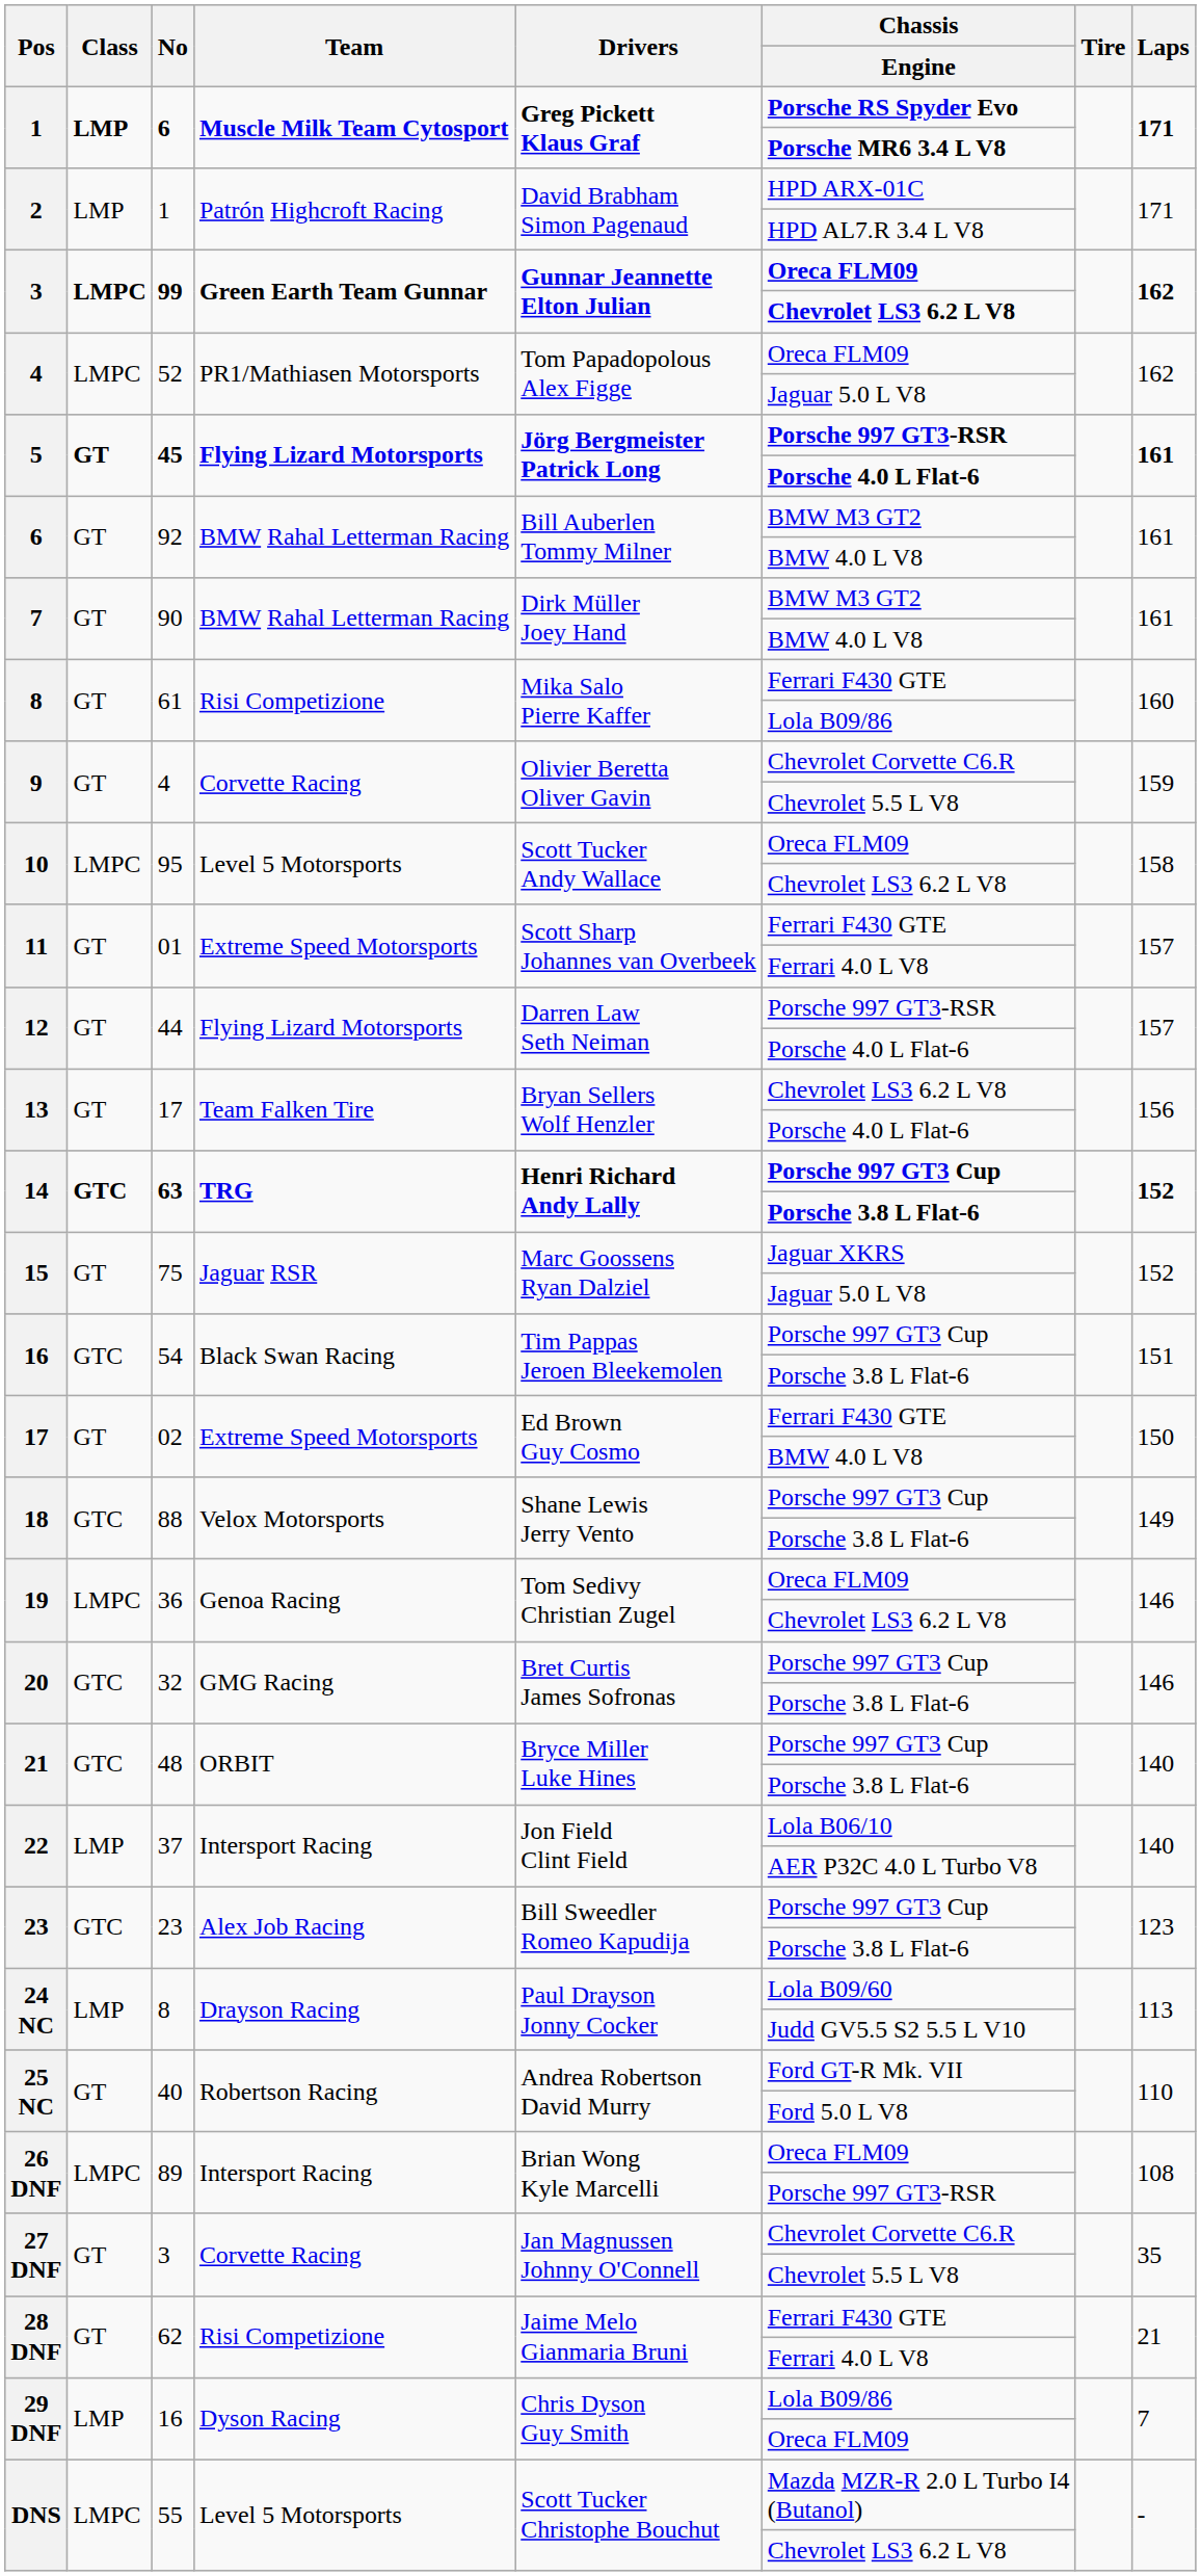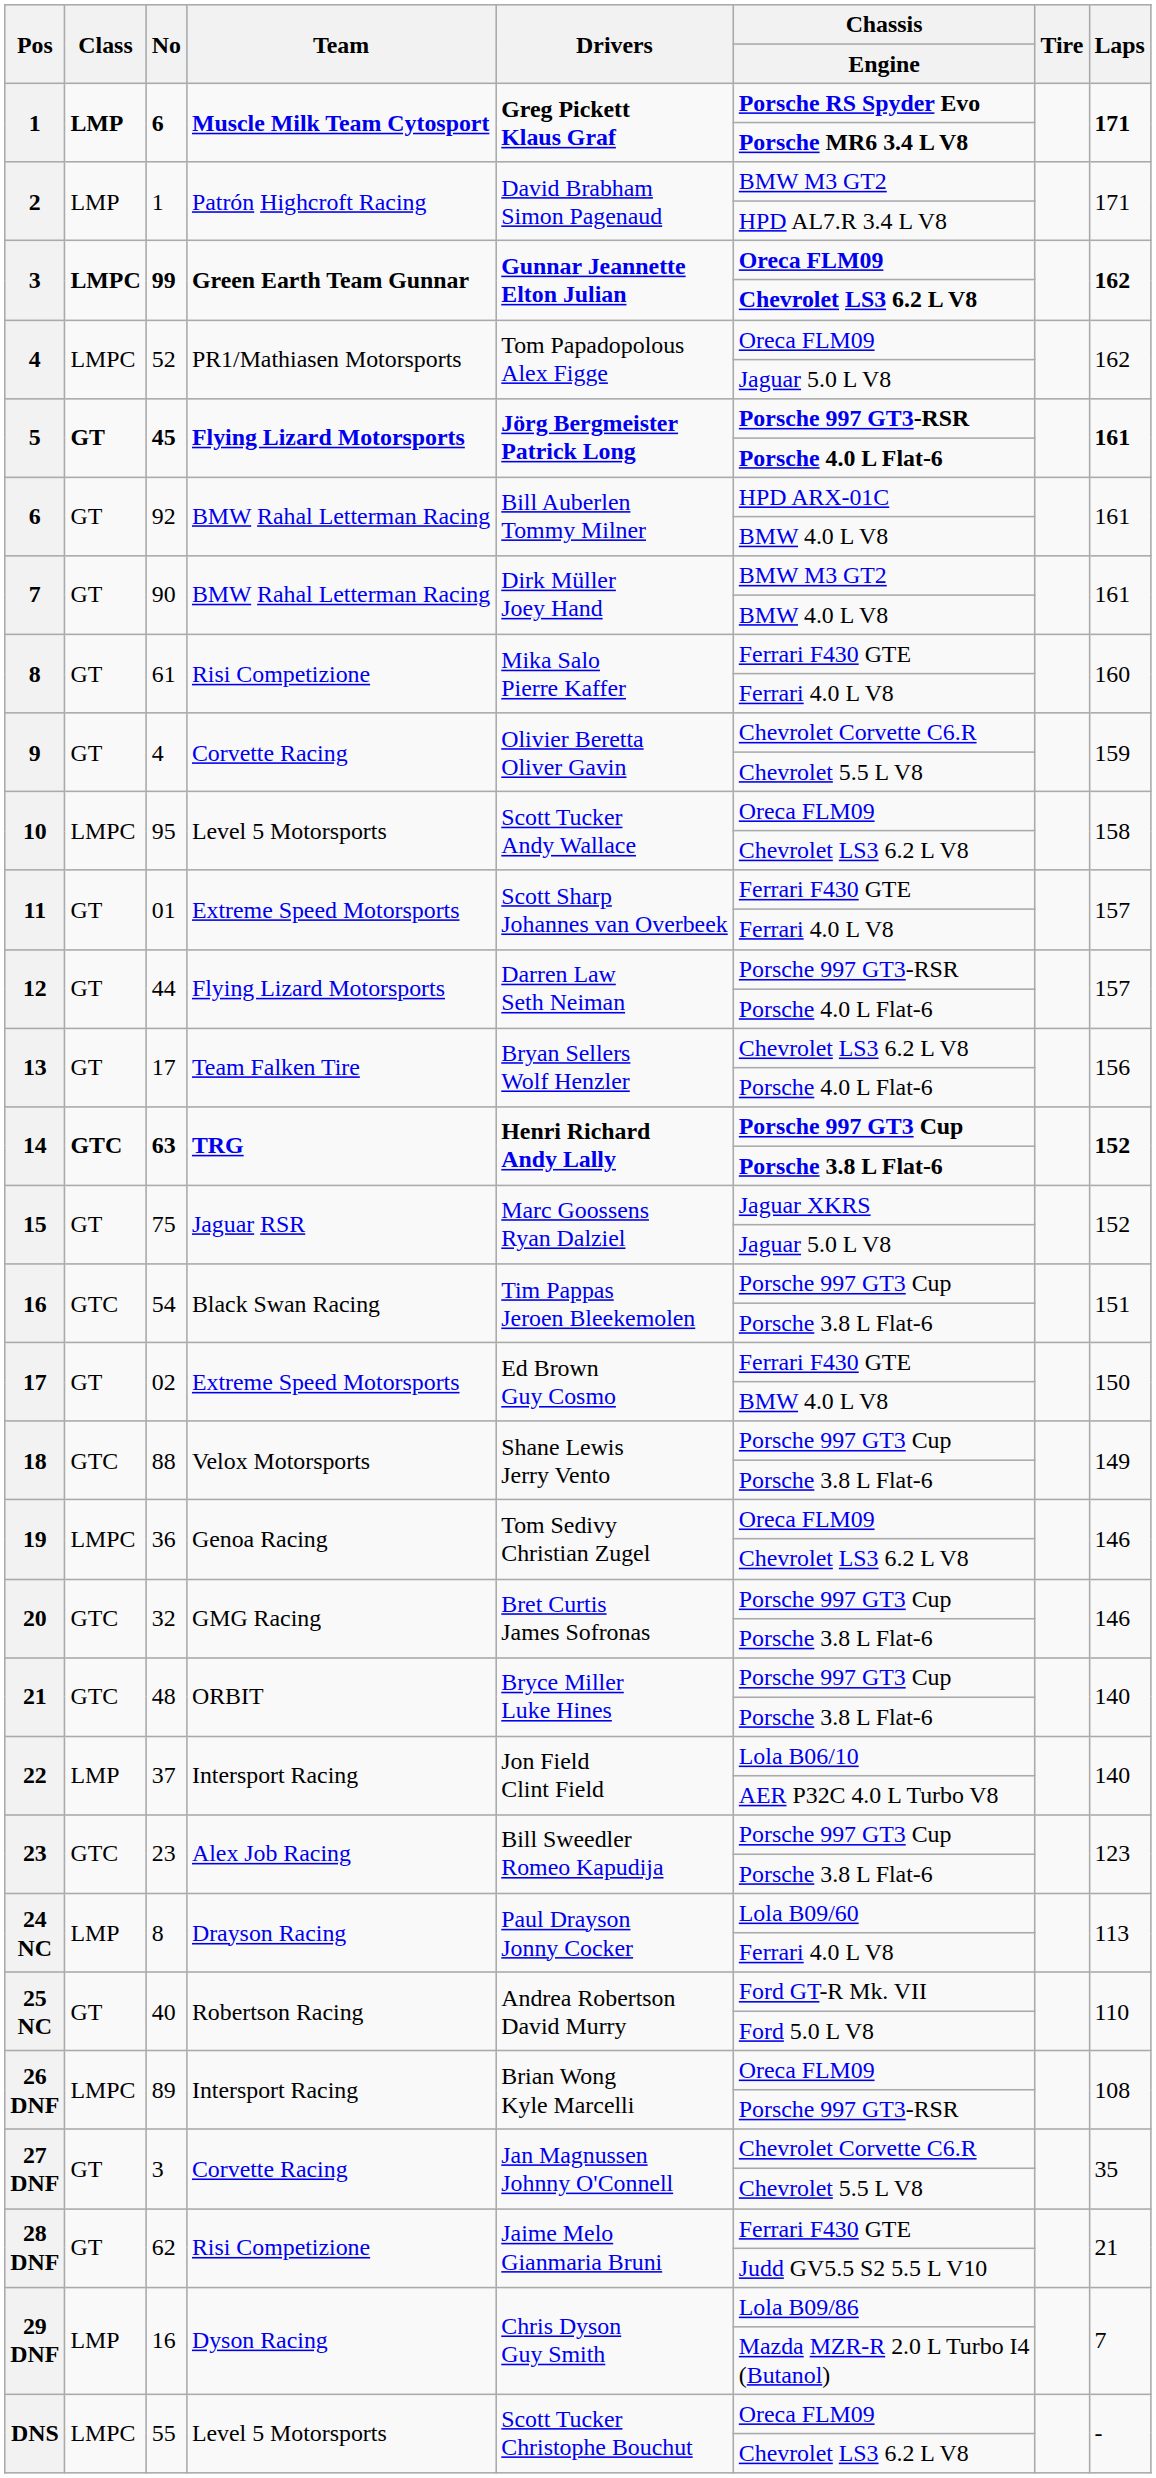 <table class="wikitable" style="font-size: 95%;">
 <tr>
 <th rowspan=2>Pos</th>
 <th rowspan=2>Class</th>
 <th rowspan=2>No</th>
 <th rowspan=2>Team</th>
 <th rowspan=2>Drivers</th>
 <th>Chassis</th>
 <th rowspan=2>Tire</th>
 <th rowspan=2>Laps</th>
 </tr>
 <tr>
 <th>Engine</th>
 </tr>
 <tr style="font-weight:bold">
 <th rowspan=2>1</th>
 <td rowspan=2>LMP</td>
 <td rowspan=2>6</td>
 <td rowspan=2> <a href='#'>Muscle Milk Team Cytosport</a></td>
 <td rowspan=2> Greg Pickett<br> <a href='#'>Klaus Graf</a></td>
 <td><a href='#'>Porsche RS Spyder</a> Evo</td>
 <td rowspan=2></td>
 <td rowspan=2>171</td>
 </tr>
 <tr style="font-weight:bold">
 <td><a href='#'>Porsche</a> MR6 3.4 L V8</td>
 </tr>
 <tr>
 <th rowspan=2>2</th>
 <td rowspan=2>LMP</td>
 <td rowspan=2>1</td>
 <td rowspan=2> <a href='#'>Patrón</a> <a href='#'>Highcroft Racing</a></td>
 <td rowspan=2> <a href='#'>David Brabham</a><br> <a href='#'>Simon Pagenaud</a></td>
-<td><a href='#'>HPD ARX-01C</a></td>
+<td><a href='#'>BMW M3 GT2</a></td>
 <td rowspan=2></td>
 <td rowspan=2>171</td>
 </tr>
 <tr>
 <td><a href='#'>HPD</a> AL7.R 3.4 L V8</td>
 </tr>
 <tr style="font-weight:bold">
 <th rowspan=2>3</th>
 <td rowspan=2>LMPC</td>
 <td rowspan=2>99</td>
 <td rowspan=2> Green Earth Team Gunnar</td>
 <td rowspan=2> <a href='#'>Gunnar Jeannette</a><br> <a href='#'>Elton Julian</a></td>
 <td><a href='#'>Oreca FLM09</a></td>
 <td rowspan=2></td>
 <td rowspan=2>162</td>
 </tr>
 <tr style="font-weight:bold">
 <td><a href='#'>Chevrolet</a> <a href='#'>LS3</a> 6.2 L V8</td>
 </tr>
 <tr>
 <th rowspan=2>4</th>
 <td rowspan=2>LMPC</td>
 <td rowspan=2>52</td>
 <td rowspan=2> PR1/Mathiasen Motorsports</td>
 <td rowspan=2> Tom Papadopolous<br> <a href='#'>Alex Figge</a></td>
 <td><a href='#'>Oreca FLM09</a></td>
 <td rowspan=2></td>
 <td rowspan=2>162</td>
 </tr>
 <tr>
 <td><a href='#'>Jaguar</a> 5.0 L V8</td>
 </tr>
 <tr style="font-weight:bold">
 <th rowspan=2>5</th>
 <td rowspan=2>GT</td>
 <td rowspan=2>45</td>
 <td rowspan=2> <a href='#'>Flying Lizard Motorsports</a></td>
 <td rowspan=2> <a href='#'>Jörg Bergmeister</a><br> <a href='#'>Patrick Long</a></td>
 <td><a href='#'>Porsche 997 GT3</a>-RSR</td>
 <td rowspan=2></td>
 <td rowspan=2>161</td>
 </tr>
 <tr style="font-weight:bold">
 <td><a href='#'>Porsche</a> 4.0 L Flat-6</td>
 </tr>
 <tr>
 <th rowspan=2>6</th>
 <td rowspan=2>GT</td>
 <td rowspan=2>92</td>
 <td rowspan=2> <a href='#'>BMW</a> <a href='#'>Rahal Letterman Racing</a></td>
 <td rowspan=2> <a href='#'>Bill Auberlen</a><br> <a href='#'>Tommy Milner</a></td>
-<td><a href='#'>BMW M3 GT2</a></td>
+<td><a href='#'>HPD ARX-01C</a></td>
 <td rowspan=2></td>
 <td rowspan=2>161</td>
 </tr>
 <tr>
 <td><a href='#'>BMW</a> 4.0 L V8</td>
 </tr>
 <tr>
 <th rowspan=2>7</th>
 <td rowspan=2>GT</td>
 <td rowspan=2>90</td>
 <td rowspan=2> <a href='#'>BMW</a> <a href='#'>Rahal Letterman Racing</a></td>
 <td rowspan=2> <a href='#'>Dirk Müller</a><br> <a href='#'>Joey Hand</a></td>
 <td><a href='#'>BMW M3 GT2</a></td>
 <td rowspan=2></td>
 <td rowspan=2>161</td>
 </tr>
 <tr>
 <td><a href='#'>BMW</a> 4.0 L V8</td>
 </tr>
 <tr>
 <th rowspan=2>8</th>
 <td rowspan=2>GT</td>
 <td rowspan=2>61</td>
 <td rowspan=2> <a href='#'>Risi Competizione</a></td>
 <td rowspan=2> <a href='#'>Mika Salo</a><br> <a href='#'>Pierre Kaffer</a></td>
 <td><a href='#'>Ferrari F430</a> GTE</td>
 <td rowspan=2></td>
 <td rowspan=2>160</td>
 </tr>
 <tr>
-<td><a href='#'>Lola B09/86</a></td>
+<td><a href='#'>Ferrari</a> 4.0 L V8</td>
 </tr>
 <tr>
 <th rowspan=2>9</th>
 <td rowspan=2>GT</td>
 <td rowspan=2>4</td>
 <td rowspan=2> <a href='#'>Corvette Racing</a></td>
 <td rowspan=2> <a href='#'>Olivier Beretta</a><br> <a href='#'>Oliver Gavin</a></td>
 <td><a href='#'>Chevrolet Corvette C6.R</a></td>
 <td rowspan=2></td>
 <td rowspan=2>159</td>
 </tr>
 <tr>
 <td><a href='#'>Chevrolet</a> 5.5 L V8</td>
 </tr>
 <tr>
 <th rowspan=2>10</th>
 <td rowspan=2>LMPC</td>
 <td rowspan=2>95</td>
 <td rowspan=2> Level 5 Motorsports</td>
 <td rowspan=2> <a href='#'>Scott Tucker</a><br> <a href='#'>Andy Wallace</a></td>
 <td><a href='#'>Oreca FLM09</a></td>
 <td rowspan=2></td>
 <td rowspan=2>158</td>
 </tr>
 <tr>
 <td><a href='#'>Chevrolet</a> <a href='#'>LS3</a> 6.2 L V8</td>
 </tr>
 <tr>
 <th rowspan=2>11</th>
 <td rowspan=2>GT</td>
 <td rowspan=2>01</td>
 <td rowspan=2> <a href='#'>Extreme Speed Motorsports</a></td>
 <td rowspan=2> <a href='#'>Scott Sharp</a><br> <a href='#'>Johannes van Overbeek</a></td>
 <td><a href='#'>Ferrari F430</a> GTE</td>
 <td rowspan=2></td>
 <td rowspan=2>157</td>
 </tr>
 <tr>
 <td><a href='#'>Ferrari</a> 4.0 L V8</td>
 </tr>
 <tr>
 <th rowspan=2>12</th>
 <td rowspan=2>GT</td>
 <td rowspan=2>44</td>
 <td rowspan=2> <a href='#'>Flying Lizard Motorsports</a></td>
 <td rowspan=2> <a href='#'>Darren Law</a><br> <a href='#'>Seth Neiman</a></td>
 <td><a href='#'>Porsche 997 GT3</a>-RSR</td>
 <td rowspan=2></td>
 <td rowspan=2>157</td>
 </tr>
 <tr>
 <td><a href='#'>Porsche</a> 4.0 L Flat-6</td>
 </tr>
 <tr>
 <th rowspan=2>13</th>
 <td rowspan=2>GT</td>
 <td rowspan=2>17</td>
 <td rowspan=2> <a href='#'>Team Falken Tire</a></td>
 <td rowspan=2> <a href='#'>Bryan Sellers</a><br> <a href='#'>Wolf Henzler</a></td>
 <td><a href='#'>Chevrolet</a> <a href='#'>LS3</a> 6.2 L V8</td>
 <td rowspan=2></td>
 <td rowspan=2>156</td>
 </tr>
 <tr>
 <td><a href='#'>Porsche</a> 4.0 L Flat-6</td>
 </tr>
 <tr style="font-weight:bold">
 <th rowspan=2>14</th>
 <td rowspan=2>GTC</td>
 <td rowspan=2>63</td>
 <td rowspan=2> <a href='#'>TRG</a></td>
 <td rowspan=2> Henri Richard<br> <a href='#'>Andy Lally</a></td>
 <td><a href='#'>Porsche 997 GT3</a> Cup</td>
 <td rowspan=2></td>
 <td rowspan=2>152</td>
 </tr>
 <tr style="font-weight:bold">
 <td><a href='#'>Porsche</a> 3.8 L Flat-6</td>
 </tr>
 <tr>
 <th rowspan=2>15</th>
 <td rowspan=2>GT</td>
 <td rowspan=2>75</td>
 <td rowspan=2> <a href='#'>Jaguar</a> <a href='#'>RSR</a></td>
 <td rowspan=2> <a href='#'>Marc Goossens</a><br> <a href='#'>Ryan Dalziel</a></td>
 <td><a href='#'>Jaguar XKRS</a></td>
 <td rowspan=2></td>
 <td rowspan=2>152</td>
 </tr>
 <tr>
 <td><a href='#'>Jaguar</a> 5.0 L V8</td>
 </tr>
 <tr>
 <th rowspan=2>16</th>
 <td rowspan=2>GTC</td>
 <td rowspan=2>54</td>
 <td rowspan=2> Black Swan Racing</td>
 <td rowspan=2> <a href='#'>Tim Pappas</a><br> <a href='#'>Jeroen Bleekemolen</a></td>
 <td><a href='#'>Porsche 997 GT3</a> Cup</td>
 <td rowspan=2></td>
 <td rowspan=2>151</td>
 </tr>
 <tr>
 <td><a href='#'>Porsche</a> 3.8 L Flat-6</td>
 </tr>
 <tr>
 <th rowspan=2>17</th>
 <td rowspan=2>GT</td>
 <td rowspan=2>02</td>
 <td rowspan=2> <a href='#'>Extreme Speed Motorsports</a></td>
 <td rowspan=2> Ed Brown<br> <a href='#'>Guy Cosmo</a></td>
 <td><a href='#'>Ferrari F430</a> GTE</td>
 <td rowspan=2></td>
 <td rowspan=2>150</td>
 </tr>
 <tr>
 <td><a href='#'>BMW</a> 4.0 L V8</td>
 </tr>
 <tr>
 <th rowspan=2>18</th>
 <td rowspan=2>GTC</td>
 <td rowspan=2>88</td>
 <td rowspan=2> Velox Motorsports</td>
 <td rowspan=2> Shane Lewis<br> Jerry Vento</td>
 <td><a href='#'>Porsche 997 GT3</a> Cup</td>
 <td rowspan=2></td>
 <td rowspan=2>149</td>
 </tr>
 <tr>
 <td><a href='#'>Porsche</a> 3.8 L Flat-6</td>
 </tr>
 <tr>
 <th rowspan=2>19</th>
 <td rowspan=2>LMPC</td>
 <td rowspan=2>36</td>
 <td rowspan=2> Genoa Racing</td>
 <td rowspan=2> Tom Sedivy<br> Christian Zugel</td>
 <td><a href='#'>Oreca FLM09</a></td>
 <td rowspan=2></td>
 <td rowspan=2>146</td>
 </tr>
 <tr>
 <td><a href='#'>Chevrolet</a> <a href='#'>LS3</a> 6.2 L V8</td>
 </tr>
 <tr>
 <th rowspan=2>20</th>
 <td rowspan=2>GTC</td>
 <td rowspan=2>32</td>
 <td rowspan=2> GMG Racing</td>
 <td rowspan=2> <a href='#'>Bret Curtis</a><br> James Sofronas</td>
 <td><a href='#'>Porsche 997 GT3</a> Cup</td>
 <td rowspan=2></td>
 <td rowspan=2>146</td>
 </tr>
 <tr>
 <td><a href='#'>Porsche</a> 3.8 L Flat-6</td>
 </tr>
 <tr>
 <th rowspan=2>21</th>
 <td rowspan=2>GTC</td>
 <td rowspan=2>48</td>
 <td rowspan=2> ORBIT</td>
 <td rowspan=2> <a href='#'>Bryce Miller</a><br> <a href='#'>Luke Hines</a></td>
 <td><a href='#'>Porsche 997 GT3</a> Cup</td>
 <td rowspan=2></td>
 <td rowspan=2>140</td>
 </tr>
 <tr>
 <td><a href='#'>Porsche</a> 3.8 L Flat-6</td>
 </tr>
 <tr>
 <th rowspan=2>22</th>
 <td rowspan=2>LMP</td>
 <td rowspan=2>37</td>
 <td rowspan=2> Intersport Racing</td>
 <td rowspan=2> Jon Field<br> Clint Field</td>
 <td><a href='#'>Lola B06/10</a></td>
 <td rowspan=2></td>
 <td rowspan=2>140</td>
 </tr>
 <tr>
 <td><a href='#'>AER</a> P32C 4.0 L Turbo V8</td>
 </tr>
 <tr>
 <th rowspan=2>23</th>
 <td rowspan=2>GTC</td>
 <td rowspan=2>23</td>
 <td rowspan=2> <a href='#'>Alex Job Racing</a></td>
 <td rowspan=2> Bill Sweedler<br> <a href='#'>Romeo Kapudija</a></td>
 <td><a href='#'>Porsche 997 GT3</a> Cup</td>
 <td rowspan=2></td>
 <td rowspan=2>123</td>
 </tr>
 <tr>
 <td><a href='#'>Porsche</a> 3.8 L Flat-6</td>
 </tr>
 <tr>
 <th rowspan=2>24<br>NC</th>
 <td rowspan=2>LMP</td>
 <td rowspan=2>8</td>
 <td rowspan=2> <a href='#'>Drayson Racing</a></td>
 <td rowspan=2> <a href='#'>Paul Drayson</a><br> <a href='#'>Jonny Cocker</a></td>
 <td><a href='#'>Lola B09/60</a></td>
 <td rowspan=2></td>
 <td rowspan=2>113</td>
 </tr>
 <tr>
-<td><a href='#'>Judd</a> GV5.5 S2 5.5 L V10</td>
+<td><a href='#'>Ferrari</a> 4.0 L V8</td>
 </tr>
 <tr>
 <th rowspan=2>25<br>NC</th>
 <td rowspan=2>GT</td>
 <td rowspan=2>40</td>
 <td rowspan=2> Robertson Racing</td>
 <td rowspan=2> Andrea Robertson<br> David Murry</td>
 <td><a href='#'>Ford GT</a>-R Mk. VII</td>
 <td rowspan=2></td>
 <td rowspan=2>110</td>
 </tr>
 <tr>
 <td><a href='#'>Ford</a> 5.0 L V8</td>
 </tr>
 <tr>
 <th rowspan=2>26<br>DNF</th>
 <td rowspan=2>LMPC</td>
 <td rowspan=2>89</td>
 <td rowspan=2> Intersport Racing</td>
 <td rowspan=2> Brian Wong<br> Kyle Marcelli</td>
 <td><a href='#'>Oreca FLM09</a></td>
 <td rowspan=2></td>
 <td rowspan=2>108</td>
 </tr>
 <tr>
 <td><a href='#'>Porsche 997 GT3</a>-RSR</td>
 </tr>
 <tr>
 <th rowspan=2>27<br>DNF</th>
 <td rowspan=2>GT</td>
 <td rowspan=2>3</td>
 <td rowspan=2> <a href='#'>Corvette Racing</a></td>
 <td rowspan=2> <a href='#'>Jan Magnussen</a><br> <a href='#'>Johnny O'Connell</a></td>
 <td><a href='#'>Chevrolet Corvette C6.R</a></td>
 <td rowspan=2></td>
 <td rowspan=2>35</td>
 </tr>
 <tr>
 <td><a href='#'>Chevrolet</a> 5.5 L V8</td>
 </tr>
 <tr>
 <th rowspan=2>28<br>DNF</th>
 <td rowspan=2>GT</td>
 <td rowspan=2>62</td>
 <td rowspan=2> <a href='#'>Risi Competizione</a></td>
 <td rowspan=2> <a href='#'>Jaime Melo</a><br> <a href='#'>Gianmaria Bruni</a></td>
 <td><a href='#'>Ferrari F430</a> GTE</td>
 <td rowspan=2></td>
 <td rowspan=2>21</td>
 </tr>
 <tr>
-<td><a href='#'>Ferrari</a> 4.0 L V8</td>
+<td><a href='#'>Judd</a> GV5.5 S2 5.5 L V10</td>
 </tr>
 <tr>
 <th rowspan=2>29<br>DNF</th>
 <td rowspan=2>LMP</td>
 <td rowspan=2>16</td>
 <td rowspan=2> <a href='#'>Dyson Racing</a></td>
 <td rowspan=2> <a href='#'>Chris Dyson</a><br> <a href='#'>Guy Smith</a></td>
 <td><a href='#'>Lola B09/86</a></td>
 <td rowspan=2></td>
 <td rowspan=2>7</td>
 </tr>
 <tr>
-<td><a href='#'>Oreca FLM09</a></td>
+<td><a href='#'>Mazda</a> <a href='#'>MZR-R</a> 2.0 L Turbo I4<br>(<a href='#'>Butanol</a>)</td>
 </tr>
 <tr>
 <th rowspan=2>DNS</th>
 <td rowspan=2>LMPC</td>
 <td rowspan=2>55</td>
 <td rowspan=2> Level 5 Motorsports</td>
 <td rowspan=2> <a href='#'>Scott Tucker</a><br> <a href='#'>Christophe Bouchut</a></td>
-<td><a href='#'>Mazda</a> <a href='#'>MZR-R</a> 2.0 L Turbo I4<br>(<a href='#'>Butanol</a>)</td>
+<td><a href='#'>Oreca FLM09</a></td>
 <td rowspan=2></td>
 <td rowspan=2>-</td>
 </tr>
 <tr>
 <td><a href='#'>Chevrolet</a> <a href='#'>LS3</a> 6.2 L V8</td>
 </tr>
 </table>
